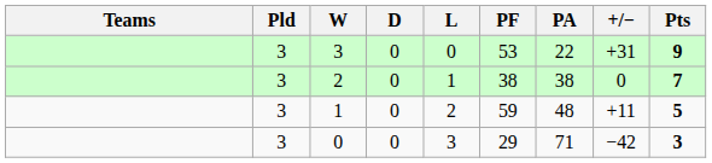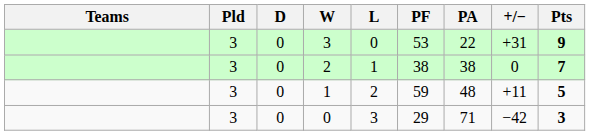 <table class="wikitable" style="text-align: center;">
 <tr>
 <th style="width:200px;">Teams</th>
 <th width="40">Pld</th>
+<th width="40">D</th>
 <th width="40">W</th>
-<th width="40">D</th>
 <th width="40">L</th>
 <th width="40">PF</th>
 <th width="40">PA</th>
 <th width="40">+/−</th>
 <th width="40">Pts</th>
 </tr>
 <tr style="background:#cfc;">
 <td align=left></td>
 <td>3</td>
+<td>0</td>
 <td>3</td>
-<td>0</td>
 <td>0</td>
 <td>53</td>
 <td>22</td>
 <td>+31</td>
 <td><strong>9</strong></td>
 </tr>
 <tr style="background:#cfc;">
 <td align=left></td>
 <td>3</td>
+<td>0</td>
 <td>2</td>
-<td>0</td>
 <td>1</td>
 <td>38</td>
 <td>38</td>
 <td>0</td>
 <td><strong>7</strong></td>
 </tr>
 <tr>
 <td align=left></td>
 <td>3</td>
+<td>0</td>
 <td>1</td>
-<td>0</td>
 <td>2</td>
 <td>59</td>
 <td>48</td>
 <td>+11</td>
 <td><strong>5</strong></td>
 </tr>
 <tr>
 <td align=left></td>
 <td>3</td>
 <td>0</td>
 <td>0</td>
 <td>3</td>
 <td>29</td>
 <td>71</td>
 <td>−42</td>
 <td><strong>3</strong></td>
 </tr>
 </table>
